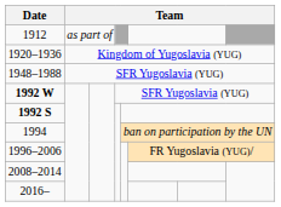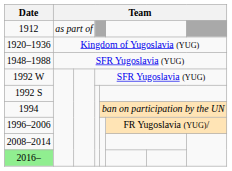 <table class="wikitable" style="text-align:center; font-size:90%;">
 <tr>
 <th>Date</th>
 <th colspan=7>Team</th>
 </tr>
 <tr>
 <td>1912</td>
 <td colspan=2><em>as part of </em></td>
 <td colspan=2 style="background:darkgray"></td>
 <td colspan=2></td>
 <td style="background:darkgray"></td>
 </tr>
 <tr>
 <td>1920–1936</td>
 <td colspan=7> <a href='#'>Kingdom of Yugoslavia</a> <small>(YUG)</small></td>
 </tr>
 <tr>
 <td>1948–1988</td>
 <td colspan=7> <a href='#'>SFR Yugoslavia</a> <small>(YUG)</small></td>
 </tr>
 <tr>
-<td><strong>1992 W</strong></td>
+<td>1992 W</td>
 <td rowspan=6></td>
 <td rowspan=6></td>
 <td colspan=5> <a href='#'>SFR Yugoslavia</a> <small>(YUG)</small></td>
 </tr>
 <tr>
-<td><strong>1992 S</strong></td>
+<td>1992 S</td>
 <td rowspan=5></td>
 <td colspan=4></td>
 </tr>
 <tr>
 <td>1994</td>
 <td colspan=4 style="background:moccasin"><em>ban on participation by the UN</em></td>
 </tr>
 <tr>
 <td>1996–2006</td>
 <td rowspan=3></td>
 <td colspan=3 style="background:moccasin"> FR Yugoslavia <small>(YUG)</small>/<br></td>
 </tr>
 <tr>
 <td>2008–2014</td>
 <td colspan=2></td>
 <td rowspan=2></td>
 </tr>
 <tr>
-<td>2016–</td>
+<td style="background: lightgreen;">2016–</td>
 <td rowspan=1></td>
 <td rowspan=1></td>
 </tr>
 </table>
